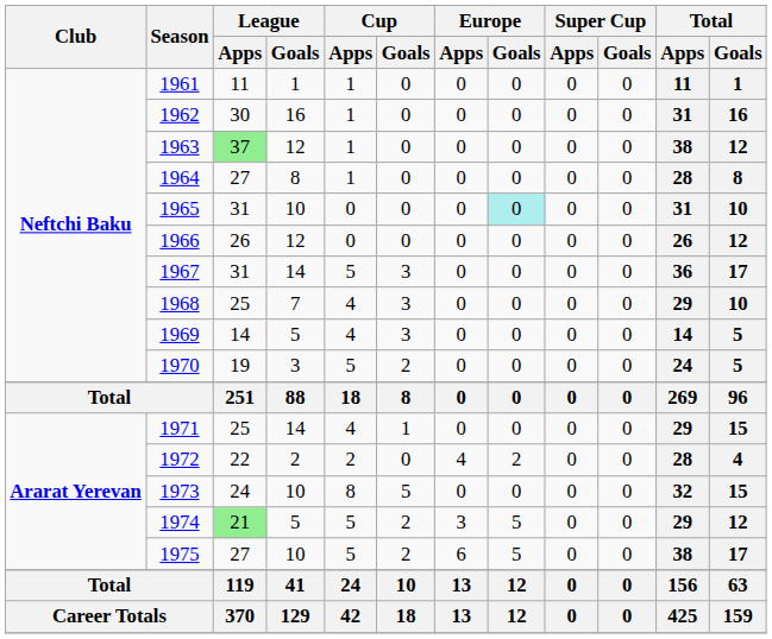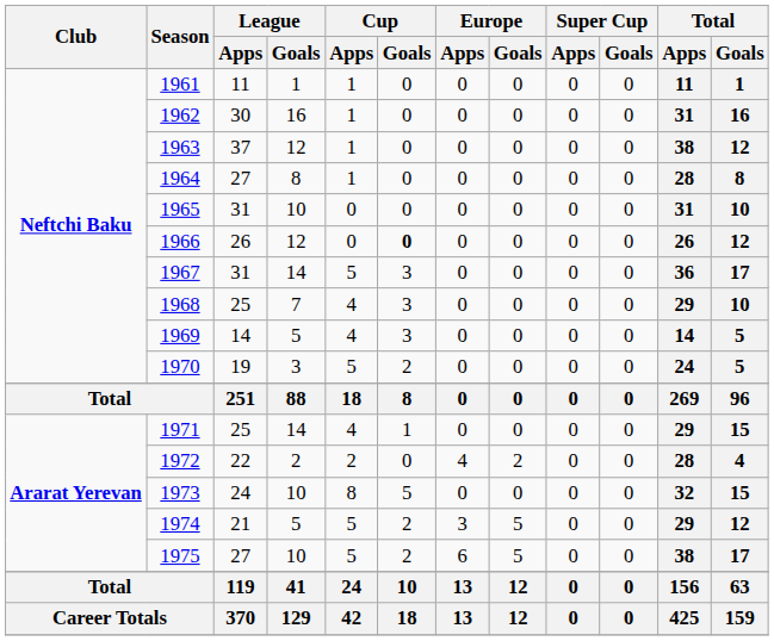 <table class="wikitable" style="font-size:100%; text-align: center;">
 <tr>
 <th rowspan="2">Club</th>
 <th rowspan="2">Season</th>
 <th colspan="2">League</th>
 <th colspan="2">Cup</th>
 <th colspan="2">Europe</th>
 <th colspan="2">Super Cup</th>
 <th colspan="2">Total</th>
 </tr>
 <tr>
 <th>Apps</th>
 <th>Goals</th>
 <th>Apps</th>
 <th>Goals</th>
 <th>Apps</th>
 <th>Goals</th>
 <th>Apps</th>
 <th>Goals</th>
 <th>Apps</th>
 <th>Goals</th>
 </tr>
 <tr>
 <td rowspan="10"><strong><a href='#'>Neftchi Baku</a></strong></td>
 <td align="center"><a href='#'>1961</a></td>
 <td align="center">11</td>
 <td align="center">1</td>
 <td align="center">1</td>
 <td align="center">0</td>
 <td align="center">0</td>
 <td align="center">0</td>
 <td align="center">0</td>
 <td align="center">0</td>
 <th>11</th>
 <th>1</th>
 </tr>
 <tr>
 <td align="center"><a href='#'>1962</a></td>
 <td align="center">30</td>
 <td align="center">16</td>
 <td align="center">1</td>
 <td align="center">0</td>
 <td align="center">0</td>
 <td align="center">0</td>
 <td align="center">0</td>
 <td align="center">0</td>
 <th>31</th>
 <th>16</th>
 </tr>
 <tr>
 <td align="center"><a href='#'>1963</a></td>
-<td align="center" style="background: lightgreen;">37</td>
+<td align="center">37</td>
 <td align="center">12</td>
 <td align="center">1</td>
 <td align="center">0</td>
 <td align="center">0</td>
 <td align="center">0</td>
 <td align="center">0</td>
 <td align="center">0</td>
 <th>38</th>
 <th>12</th>
 </tr>
 <tr>
 <td align="center"><a href='#'>1964</a></td>
 <td align="center">27</td>
 <td align="center">8</td>
 <td align="center">1</td>
 <td align="center">0</td>
 <td align="center">0</td>
 <td align="center">0</td>
 <td align="center">0</td>
 <td align="center">0</td>
 <th>28</th>
 <th>8</th>
 </tr>
 <tr>
 <td align="center"><a href='#'>1965</a></td>
 <td align="center">31</td>
 <td align="center">10</td>
 <td align="center">0</td>
 <td align="center">0</td>
 <td align="center">0</td>
-<td align="center" style="background: paleturquoise;">0</td>
+<td align="center">0</td>
 <td align="center">0</td>
 <td align="center">0</td>
 <th>31</th>
 <th>10</th>
 </tr>
 <tr>
 <td align="center"><a href='#'>1966</a></td>
 <td align="center">26</td>
 <td align="center">12</td>
 <td align="center">0</td>
-<td align="center">0</td>
+<td align="center"><strong>0</strong></td>
 <td align="center">0</td>
 <td align="center">0</td>
 <td align="center">0</td>
 <td align="center">0</td>
 <th>26</th>
 <th>12</th>
 </tr>
 <tr>
 <td align="center"><a href='#'>1967</a></td>
 <td align="center">31</td>
 <td align="center">14</td>
 <td align="center">5</td>
 <td align="center">3</td>
 <td align="center">0</td>
 <td align="center">0</td>
 <td align="center">0</td>
 <td align="center">0</td>
 <th>36</th>
 <th>17</th>
 </tr>
 <tr>
 <td align="center"><a href='#'>1968</a></td>
 <td align="center">25</td>
 <td align="center">7</td>
 <td align="center">4</td>
 <td align="center">3</td>
 <td align="center">0</td>
 <td align="center">0</td>
 <td align="center">0</td>
 <td align="center">0</td>
 <th>29</th>
 <th>10</th>
 </tr>
 <tr>
 <td align="center"><a href='#'>1969</a></td>
 <td align="center">14</td>
 <td align="center">5</td>
 <td align="center">4</td>
 <td align="center">3</td>
 <td align="center">0</td>
 <td align="center">0</td>
 <td align="center">0</td>
 <td align="center">0</td>
 <th>14</th>
 <th>5</th>
 </tr>
 <tr>
 <td align="center"><a href='#'>1970</a></td>
 <td align="center">19</td>
 <td align="center">3</td>
 <td align="center">5</td>
 <td align="center">2</td>
 <td align="center">0</td>
 <td align="center">0</td>
 <td align="center">0</td>
 <td align="center">0</td>
 <th>24</th>
 <th>5</th>
 </tr>
 <tr>
 </tr>
 <tr>
 <th colspan="2">Total</th>
 <th>251</th>
 <th>88</th>
 <th>18</th>
 <th>8</th>
 <th>0</th>
 <th>0</th>
 <th>0</th>
 <th>0</th>
 <th>269</th>
 <th>96</th>
 </tr>
 <tr>
 <td rowspan="5"><strong><a href='#'>Ararat Yerevan</a></strong></td>
 <td align="center"><a href='#'>1971</a></td>
 <td align="center">25</td>
 <td align="center">14</td>
 <td align="center">4</td>
 <td align="center">1</td>
 <td align="center">0</td>
 <td align="center">0</td>
 <td align="center">0</td>
 <td align="center">0</td>
 <th>29</th>
 <th>15</th>
 </tr>
 <tr>
 <td align="center"><a href='#'>1972</a></td>
 <td align="center">22</td>
 <td align="center">2</td>
 <td align="center">2</td>
 <td align="center">0</td>
 <td align="center">4</td>
 <td align="center">2</td>
 <td align="center">0</td>
 <td align="center">0</td>
 <th>28</th>
 <th>4</th>
 </tr>
 <tr>
 <td align="center"><a href='#'>1973</a></td>
 <td align="center">24</td>
 <td align="center">10</td>
 <td align="center">8</td>
 <td align="center">5</td>
 <td align="center">0</td>
 <td align="center">0</td>
 <td align="center">0</td>
 <td align="center">0</td>
 <th>32</th>
 <th>15</th>
 </tr>
 <tr>
 <td align="center"><a href='#'>1974</a></td>
-<td align="center" style="background: lightgreen;">21</td>
+<td align="center">21</td>
 <td align="center">5</td>
 <td align="center">5</td>
 <td align="center">2</td>
 <td align="center">3</td>
 <td align="center">5</td>
 <td align="center">0</td>
 <td align="center">0</td>
 <th>29</th>
 <th>12</th>
 </tr>
 <tr>
 <td align="center"><a href='#'>1975</a></td>
 <td align="center">27</td>
 <td align="center">10</td>
 <td align="center">5</td>
 <td align="center">2</td>
 <td align="center">6</td>
 <td align="center">5</td>
 <td align="center">0</td>
 <td align="center">0</td>
 <th>38</th>
 <th>17</th>
 </tr>
 <tr>
 </tr>
 <tr>
 <th colspan="2">Total</th>
 <th>119</th>
 <th>41</th>
 <th>24</th>
 <th>10</th>
 <th>13</th>
 <th>12</th>
 <th>0</th>
 <th>0</th>
 <th>156</th>
 <th>63</th>
 </tr>
 <tr>
 <th colspan="2">Career Totals</th>
 <th>370</th>
 <th>129</th>
 <th>42</th>
 <th>18</th>
 <th>13</th>
 <th>12</th>
 <th>0</th>
 <th>0</th>
 <th>425</th>
 <th>159</th>
 </tr>
 <tr>
 </tr>
 </table>
